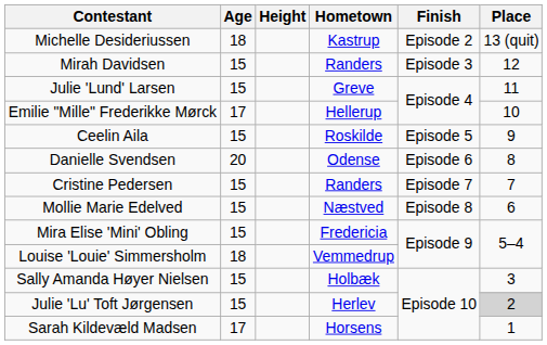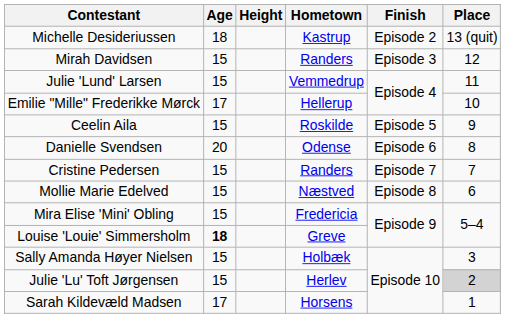 <table class="wikitable sortable" style="text-align:center;">
 <tr>
 <th>Contestant</th>
 <th>Age</th>
 <th>Height</th>
 <th>Hometown</th>
 <th>Finish</th>
 <th>Place</th>
 </tr>
 <tr>
 <td>Michelle Desideriussen</td>
 <td>18</td>
 <td></td>
 <td><a href='#'>Kastrup</a></td>
 <td>Episode 2</td>
 <td>13 (quit)</td>
 </tr>
 <tr>
 <td>Mirah Davidsen</td>
 <td>15</td>
 <td></td>
 <td><a href='#'>Randers</a></td>
 <td>Episode 3</td>
 <td>12</td>
 </tr>
 <tr>
 <td>Julie 'Lund' Larsen</td>
 <td>15</td>
 <td></td>
-<td><a href='#'>Greve</a></td>
+<td><a href='#'>Vemmedrup</a></td>
 <td rowspan="2">Episode 4</td>
 <td>11</td>
 </tr>
 <tr>
 <td>Emilie "Mille" Frederikke Mørck</td>
 <td>17</td>
 <td></td>
 <td><a href='#'>Hellerup</a></td>
 <td>10</td>
 </tr>
 <tr>
 <td>Ceelin Aila</td>
 <td>15</td>
 <td></td>
 <td><a href='#'>Roskilde</a></td>
 <td>Episode 5</td>
 <td>9</td>
 </tr>
 <tr>
 <td>Danielle Svendsen</td>
 <td>20</td>
 <td></td>
 <td><a href='#'>Odense</a></td>
 <td>Episode 6</td>
 <td>8</td>
 </tr>
 <tr>
 <td>Cristine Pedersen</td>
 <td>15</td>
 <td></td>
 <td><a href='#'>Randers</a></td>
 <td>Episode 7</td>
 <td>7</td>
 </tr>
 <tr>
 <td>Mollie Marie Edelved</td>
 <td>15</td>
 <td></td>
 <td><a href='#'>Næstved</a></td>
 <td>Episode 8</td>
 <td>6</td>
 </tr>
 <tr>
 <td>Mira Elise 'Mini' Obling</td>
 <td>15</td>
 <td></td>
 <td><a href='#'>Fredericia</a></td>
 <td rowspan="2">Episode 9</td>
 <td rowspan="2">5–4</td>
 </tr>
 <tr>
 <td>Louise 'Louie' Simmersholm</td>
-<td>18</td>
+<td><strong>18</strong></td>
 <td></td>
-<td><a href='#'>Vemmedrup</a></td>
+<td><a href='#'>Greve</a></td>
 </tr>
 <tr>
 <td>Sally Amanda Høyer Nielsen</td>
 <td>15</td>
 <td></td>
 <td><a href='#'>Holbæk</a></td>
 <td rowspan="3">Episode 10</td>
 <td>3</td>
 </tr>
 <tr>
 <td>Julie 'Lu' Toft Jørgensen</td>
 <td>15</td>
 <td></td>
 <td><a href='#'>Herlev</a></td>
 <td style="background: lightgrey;">2</td>
 </tr>
 <tr>
 <td>Sarah Kildevæld Madsen</td>
 <td>17</td>
 <td></td>
 <td><a href='#'>Horsens</a></td>
 <td>1</td>
 </tr>
 </table>
